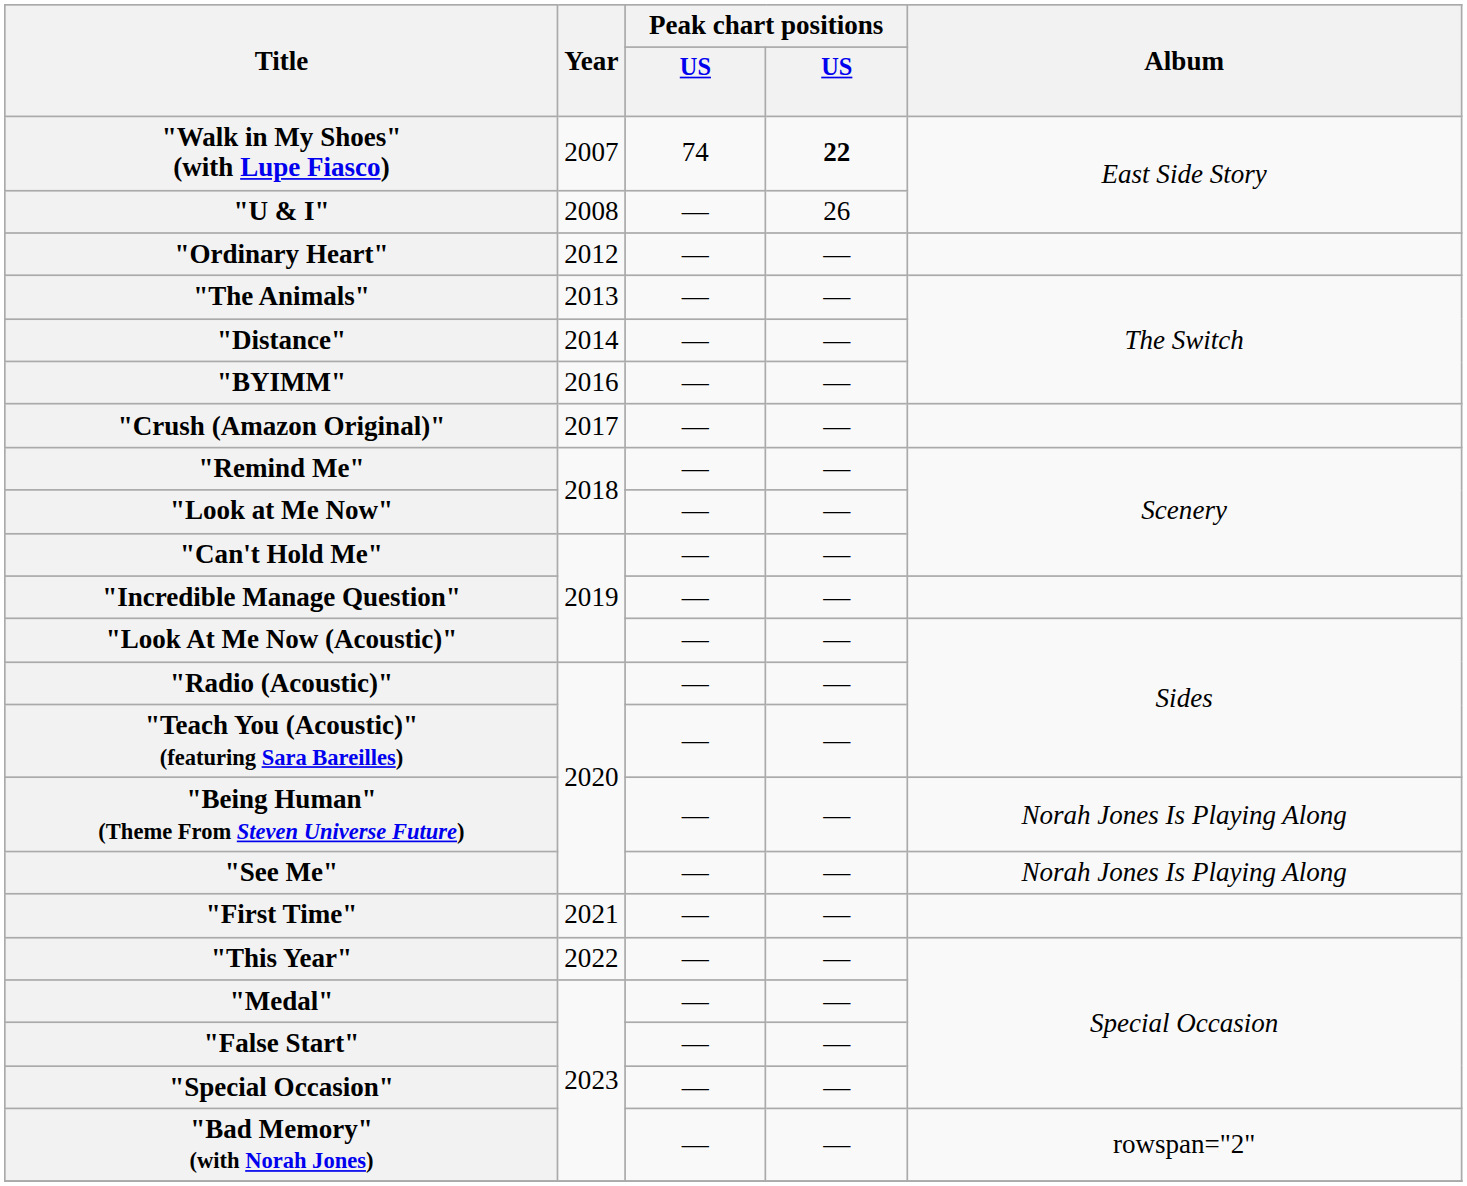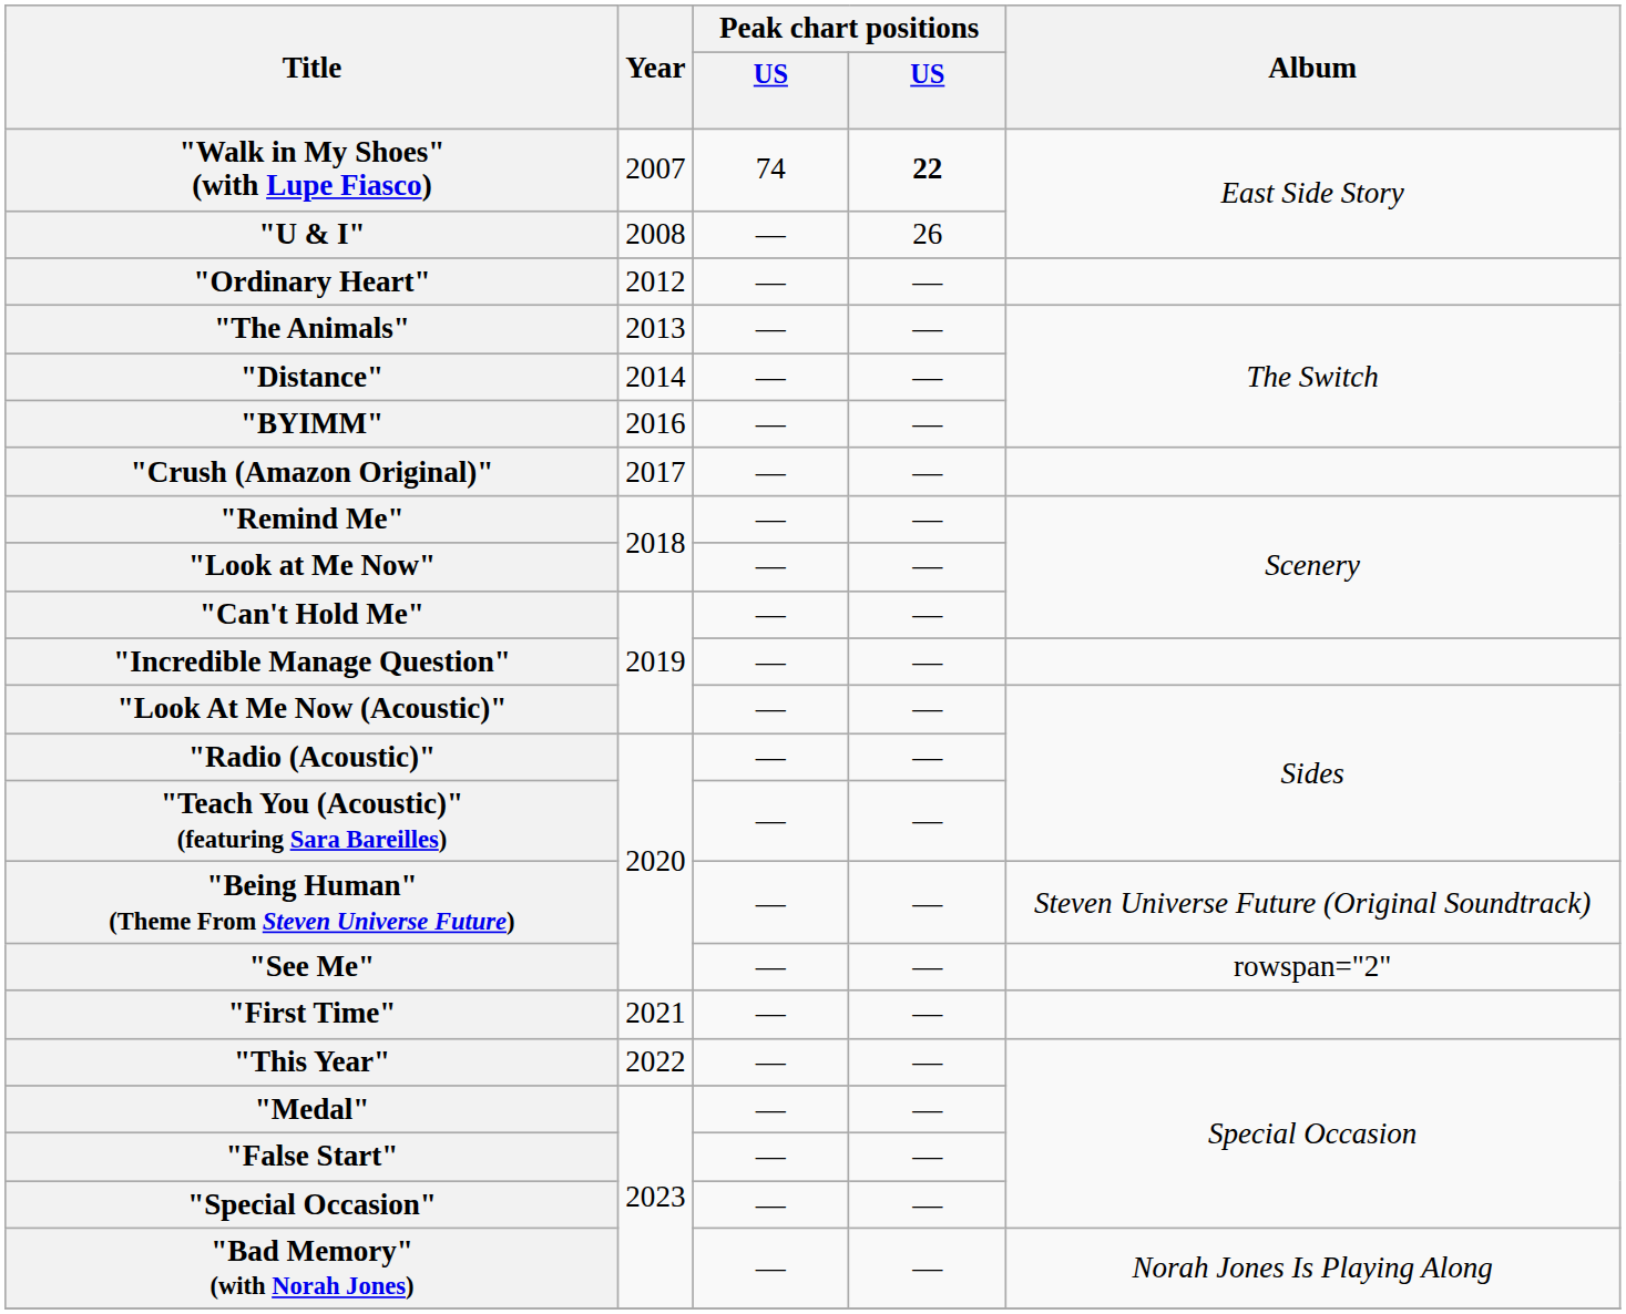 <table class="wikitable plainrowheaders" style="text-align:center;">
 <tr>
 <th rowspan="2" style="width:20em;">Title</th>
 <th rowspan="2" style="width:1em;">Year</th>
 <th colspan="2" style="width:10em;">Peak chart positions</th>
 <th rowspan="2" style="width:20em;">Album</th>
 </tr>
 <tr>
 <th scope="col" style="width:2em;font-size:90%;"><a href='#'>US<br></a><br></th>
 <th scope="col" style="width:2em;font-size:90%;"><a href='#'>US<br></a><br></th>
 </tr>
 <tr>
 <th scope="row">"Walk in My Shoes"<br>(with <a href='#'>Lupe Fiasco</a>)</th>
 <td>2007</td>
 <td>74</td>
 <td><strong>22</strong></td>
 <td rowspan="2"><em>East Side Story</em></td>
 </tr>
 <tr>
 <th scope="row">"U & I"</th>
 <td>2008</td>
 <td>—</td>
 <td>26</td>
 </tr>
 <tr>
 <th scope="row">"Ordinary Heart"</th>
 <td>2012</td>
 <td>—</td>
 <td>—</td>
 <td></td>
 </tr>
 <tr>
 <th scope="row">"The Animals"</th>
 <td>2013</td>
 <td>—</td>
 <td>—</td>
 <td rowspan="3"><em>The Switch</em></td>
 </tr>
 <tr>
 <th scope="row">"Distance"</th>
 <td>2014</td>
 <td>—</td>
 <td>—</td>
 </tr>
 <tr>
 <th scope="row">"BYIMM"</th>
 <td>2016</td>
 <td>—</td>
 <td>—</td>
 </tr>
 <tr>
 <th scope="row">"Crush (Amazon Original)"</th>
 <td>2017</td>
 <td>—</td>
 <td>—</td>
 <td></td>
 </tr>
 <tr>
 <th scope="row">"Remind Me"</th>
 <td rowspan="2">2018</td>
 <td>—</td>
 <td>—</td>
 <td rowspan="3"><em>Scenery</em></td>
 </tr>
 <tr>
 <th scope="row">"Look at Me Now"</th>
 <td>—</td>
 <td>—</td>
 </tr>
 <tr>
 <th scope="row">"Can't Hold Me"</th>
 <td rowspan="3">2019</td>
 <td>—</td>
 <td>—</td>
 </tr>
 <tr>
 <th scope="row">"Incredible Manage Question"</th>
 <td>—</td>
 <td>—</td>
 <td></td>
 </tr>
 <tr>
 <th scope="row">"Look At Me Now (Acoustic)"</th>
 <td>—</td>
 <td>—</td>
 <td rowspan="3"><em>Sides</em></td>
 </tr>
 <tr>
 <th scope="row">"Radio (Acoustic)"</th>
 <td rowspan="4">2020</td>
 <td>—</td>
 <td>—</td>
 </tr>
 <tr>
 <th scope="row">"Teach You (Acoustic)" <br><small>(featuring <a href='#'>Sara Bareilles</a>)</small></th>
 <td>—</td>
 <td>—</td>
 </tr>
 <tr>
 <th scope="row">"Being Human"<br><small>(Theme From <em><a href='#'>Steven Universe Future</a></em>)</small></th>
 <td>—</td>
 <td>—</td>
-<td><em>Norah Jones Is Playing Along</em></td>
+<td><em>Steven Universe Future (Original Soundtrack)</em></td>
 </tr>
 <tr>
 <th scope="row">"See Me"</th>
 <td>—</td>
 <td>—</td>
-<td><em>Norah Jones Is Playing Along</em></td>
+<td>rowspan="2" </td>
 </tr>
 <tr>
 <th scope="row">"First Time"</th>
 <td>2021</td>
 <td>—</td>
 <td>—</td>
 </tr>
 <tr>
 <th scope="row">"This Year"</th>
 <td>2022</td>
 <td>—</td>
 <td>—</td>
 <td rowspan="4"><em>Special Occasion</em></td>
 </tr>
 <tr>
 <th scope="row">"Medal"</th>
 <td rowspan="4">2023</td>
 <td>—</td>
 <td>—</td>
 </tr>
 <tr>
 <th scope="row">"False Start"</th>
 <td>—</td>
 <td>—</td>
 </tr>
 <tr>
 <th scope="row">"Special Occasion"</th>
 <td>—</td>
 <td>—</td>
 </tr>
 <tr>
 <th scope="row">"Bad Memory"<br><small>(with <a href='#'>Norah Jones</a>)</small></th>
 <td>—</td>
 <td>—</td>
-<td>rowspan="2" </td>
+<td><em>Norah Jones Is Playing Along</em></td>
 </tr>
 <tr>
 </tr>
 </table>
